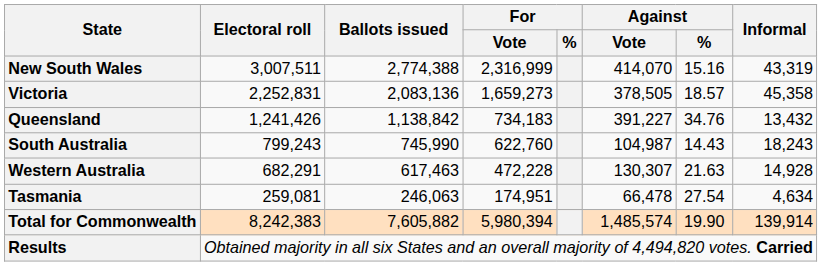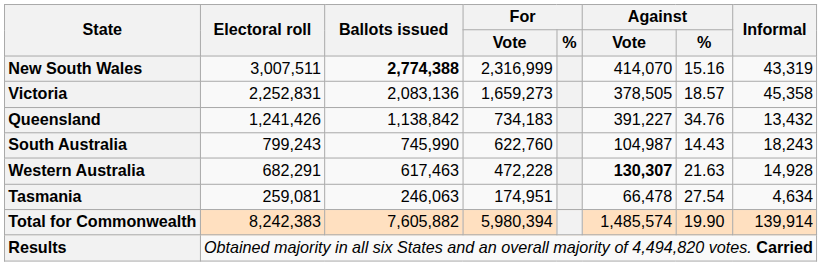 <table class="wikitable">
 <tr align=center>
 <th rowspan="2">State</th>
 <th rowspan="2">Electoral roll</th>
 <th rowspan="2">Ballots issued</th>
 <th align=center colspan="2">For</th>
 <th align=center colspan="2">Against</th>
 <th align=center rowspan="2">Informal</th>
 </tr>
 <tr>
 <th align=center>Vote</th>
 <th align=center>%</th>
 <th align=center>Vote</th>
 <th align=center>%</th>
 </tr>
 <tr align="right">
 <th style="text-align:left">New South Wales</th>
 <td>3,007,511</td>
-<td>2,774,388</td>
+<td><strong>2,774,388</strong></td>
 <td>2,316,999</td>
 <th></th>
 <td>414,070</td>
 <td align="middle">15.16</td>
 <td>43,319</td>
 </tr>
 <tr align="right">
 <th style="text-align:left">Victoria</th>
 <td>2,252,831</td>
 <td>2,083,136</td>
 <td>1,659,273</td>
 <th></th>
 <td>378,505</td>
 <td align="middle">18.57</td>
 <td>45,358</td>
 </tr>
 <tr align="right">
 <th style="text-align:left">Queensland</th>
 <td>1,241,426</td>
 <td>1,138,842</td>
 <td>734,183</td>
 <th></th>
 <td>391,227</td>
 <td align="middle">34.76</td>
 <td>13,432</td>
 </tr>
 <tr align="right">
 <th style="text-align:left">South Australia</th>
 <td>799,243</td>
 <td>745,990</td>
 <td>622,760</td>
 <th></th>
 <td>104,987</td>
 <td align="middle">14.43</td>
 <td>18,243</td>
 </tr>
 <tr align="right">
 <th style="text-align:left">Western Australia</th>
 <td>682,291</td>
 <td>617,463</td>
 <td>472,228</td>
 <th></th>
-<td>130,307</td>
+<td><strong>130,307</strong></td>
 <td align="middle">21.63</td>
 <td>14,928</td>
 </tr>
 <tr align="right">
 <th style="text-align:left">Tasmania</th>
 <td>259,081</td>
 <td>246,063</td>
 <td>174,951</td>
 <th></th>
 <td>66,478</td>
 <td align="middle">27.54</td>
 <td>4,634</td>
 </tr>
 <tr bgcolor=#FFE0C0 align="right">
 <th style="text-align:left;">Total for Commonwealth</th>
 <td>8,242,383</td>
 <td>7,605,882</td>
 <td>5,980,394</td>
 <th></th>
 <td>1,485,574</td>
 <td align="middle">19.90</td>
 <td>139,914</td>
 </tr>
 <tr>
 <th style="text-align:left;">Results</th>
 <td colSpan="8"><em>Obtained majority in all six States and an overall majority of 4,494,820 votes.</em> <strong>Carried</strong></td>
 </tr>
 </table>
